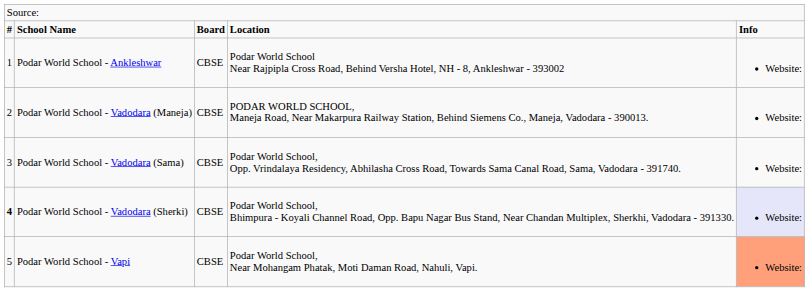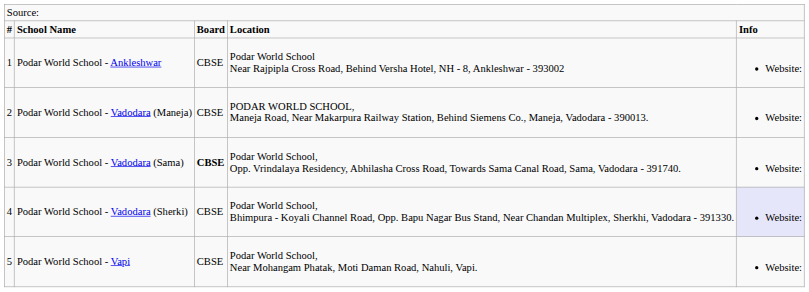 <table class="wikitable">
 <tr>
 <td colspan="5">Source:</td>
 </tr>
 <tr>
 <td><strong>#</strong></td>
 <td><strong>School Name</strong></td>
 <td><strong>Board</strong></td>
 <td><strong>Location</strong></td>
 <td><strong>Info</strong></td>
 </tr>
 <tr>
 <td>1</td>
 <td>Podar World School - <a href='#'>Ankleshwar</a></td>
 <td>CBSE</td>
 <td>Podar World School<br>Near Rajpipla Cross Road, Behind Versha Hotel, NH - 8, Ankleshwar - 393002</td>
 <td><br><ul><li>Website:</li></ul></td>
 </tr>
 <tr>
 <td>2</td>
 <td>Podar World School - <a href='#'>Vadodara</a> (Maneja)</td>
 <td>CBSE</td>
 <td>PODAR WORLD SCHOOL,<br>Maneja Road, Near Makarpura Railway Station, Behind Siemens Co., Maneja, Vadodara - 390013.</td>
 <td><br><ul><li>Website:</li></ul></td>
 </tr>
 <tr>
 <td>3</td>
 <td>Podar World School - <a href='#'>Vadodara</a> (Sama)</td>
-<td>CBSE</td>
+<td><strong>CBSE</strong></td>
 <td>Podar World School,<br>Opp. Vrindalaya Residency, Abhilasha Cross Road, Towards Sama Canal Road, Sama, Vadodara - 391740.</td>
 <td><br><ul><li>Website:</li></ul></td>
 </tr>
 <tr>
-<td><strong>4</strong></td>
+<td>4</td>
 <td>Podar World School - <a href='#'>Vadodara</a> (Sherki)</td>
 <td>CBSE</td>
 <td>Podar World School,<br>Bhimpura - Koyali Channel Road, Opp. Bapu Nagar Bus Stand, Near Chandan Multiplex, Sherkhi, Vadodara - 391330.</td>
 <td style="background: lavender;"><br><ul><li>Website:</li></ul></td>
 </tr>
 <tr>
 <td>5</td>
 <td>Podar World School - <a href='#'>Vapi</a></td>
 <td>CBSE</td>
 <td>Podar World School,<br>Near Mohangam Phatak, Moti Daman Road, Nahuli, Vapi.</td>
-<td style="background: lightsalmon;"><br><ul><li>Website:</li></ul></td>
+<td><br><ul><li>Website:</li></ul></td>
 </tr>
 </table>
